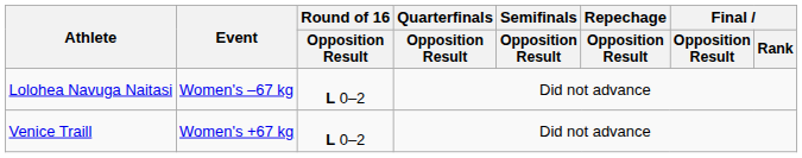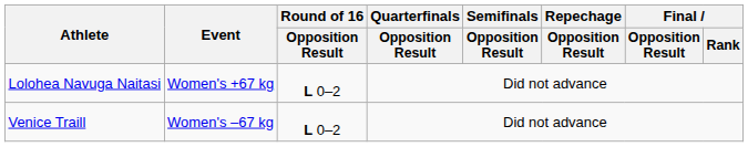 <table class=wikitable style=font-size:90%;text-align:center>
 <tr>
 <th rowspan=2>Athlete</th>
 <th rowspan=2>Event</th>
 <th>Round of 16</th>
 <th>Quarterfinals</th>
 <th>Semifinals</th>
 <th>Repechage</th>
 <th colspan=2>Final / </th>
 </tr>
 <tr style=font-size:95%>
 <th>Opposition<br>Result</th>
 <th>Opposition<br>Result</th>
 <th>Opposition<br>Result</th>
 <th>Opposition<br>Result</th>
 <th>Opposition<br>Result</th>
 <th>Rank</th>
 </tr>
 <tr>
 <td align=left><a href='#'>Lolohea Navuga Naitasi</a></td>
-<td align=left><a href='#'>Women's –67 kg</a></td>
+<td align=left><a href='#'>Women's +67 kg</a></td>
 <td><br><strong>L</strong> 0–2</td>
 <td colspan=5>Did not advance</td>
 </tr>
 <tr>
 <td align=left><a href='#'>Venice Traill</a></td>
-<td align=left><a href='#'>Women's +67 kg</a></td>
+<td align=left><a href='#'>Women's –67 kg</a></td>
 <td><br><strong>L</strong> 0–2</td>
 <td colspan=5>Did not advance</td>
 </tr>
 </table>
